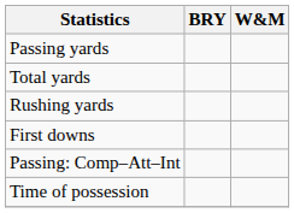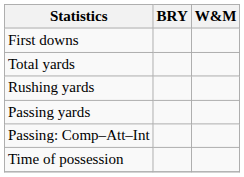 <table class="wikitable" style="float: left;">
 <tr>
 <th>Statistics</th>
 <th>BRY</th>
 <th>W&M</th>
 </tr>
 <tr>
-<td>Passing yards</td>
+<td>First downs</td>
 <td></td>
 <td></td>
 </tr>
 <tr>
 <td>Total yards</td>
 <td></td>
 <td></td>
 </tr>
 <tr>
 <td>Rushing yards</td>
 <td></td>
 <td></td>
 </tr>
 <tr>
-<td>First downs</td>
+<td>Passing yards</td>
 <td></td>
 <td></td>
 </tr>
 <tr>
 <td>Passing: Comp–Att–Int</td>
 <td></td>
 <td></td>
 </tr>
 <tr>
 <td>Time of possession</td>
 <td></td>
 <td></td>
 </tr>
 <tr>
 </tr>
 </table>
